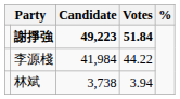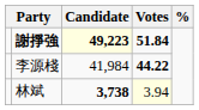 <table class="wikitable">
 <tr>
 <th colspan="2">Party</th>
 <th>Candidate</th>
 <th>Votes</th>
 <th>%</th>
 </tr>
 <tr>
 <td></td>
 <td><strong>謝掙強</strong></td>
-<td align="right"><strong>49,223</strong></td>
+<td align="right" style="background: lightyellow;"><strong>49,223</strong></td>
 <td align="right"><strong>51.84</strong></td>
 </tr>
 <tr>
 <td></td>
 <td>李源棧</td>
 <td align="right">41,984</td>
-<td align="right">44.22</td>
+<td align="right"><strong>44.22</strong></td>
 </tr>
 <tr>
 <td></td>
 <td>林斌</td>
-<td align="right">3,738</td>
-<td align="right">3.94</td>
+<td align="right"><strong>3,738</strong></td>
+<td align="right" style="background: lightyellow;">3.94</td>
 </tr>
 </table>
